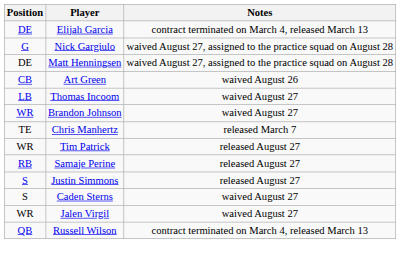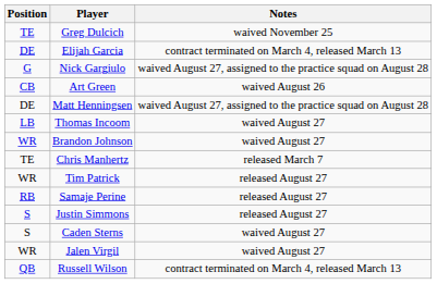 <table class="wikitable" style="text-align:center">
 <tr>
 <th>Position</th>
 <th>Player</th>
 <th>Notes</th>
+</tr>
+<tr>
+<td><a href='#'>TE</a></td>
+<td><a href='#'>Greg Dulcich</a></td>
+<td>waived November 25</td>
 </tr>
 <tr>
 <td><a href='#'>DE</a></td>
 <td><a href='#'>Elijah Garcia</a></td>
 <td>contract terminated on March 4, released March 13</td>
 </tr>
 <tr>
 <td><a href='#'>G</a></td>
 <td><a href='#'>Nick Gargiulo</a></td>
 <td>waived August 27, assigned to the practice squad on August 28</td>
 </tr>
 <tr>
+<td><a href='#'>CB</a></td>
+<td><a href='#'>Art Green</a></td>
+<td>waived August 26</td>
+</tr>
+<tr>
 <td>DE</td>
 <td><a href='#'>Matt Henningsen</a></td>
 <td>waived August 27, assigned to the practice squad on August 28</td>
-</tr>
-<tr>
-<td><a href='#'>CB</a></td>
-<td><a href='#'>Art Green</a></td>
-<td>waived August 26</td>
 </tr>
 <tr>
 <td><a href='#'>LB</a></td>
 <td><a href='#'>Thomas Incoom</a></td>
 <td>waived August 27</td>
 </tr>
 <tr>
 <td><a href='#'>WR</a></td>
 <td><a href='#'>Brandon Johnson</a></td>
 <td>waived August 27</td>
 </tr>
 <tr>
 <td>TE</td>
 <td><a href='#'>Chris Manhertz</a></td>
 <td>released March 7</td>
 </tr>
 <tr>
 <td>WR</td>
 <td><a href='#'>Tim Patrick</a></td>
 <td>released August 27</td>
 </tr>
 <tr>
 <td><a href='#'>RB</a></td>
 <td><a href='#'>Samaje Perine</a></td>
 <td>released August 27</td>
 </tr>
 <tr>
 <td><a href='#'>S</a></td>
 <td><a href='#'>Justin Simmons</a></td>
 <td>released August 27</td>
 </tr>
 <tr>
 <td>S</td>
 <td><a href='#'>Caden Sterns</a></td>
 <td>waived August 27</td>
 </tr>
 <tr>
 <td>WR</td>
 <td><a href='#'>Jalen Virgil</a></td>
 <td>waived August 27</td>
 </tr>
 <tr>
 <td><a href='#'>QB</a></td>
 <td><a href='#'>Russell Wilson</a></td>
 <td>contract terminated on March 4, released March 13</td>
 </tr>
 </table>
